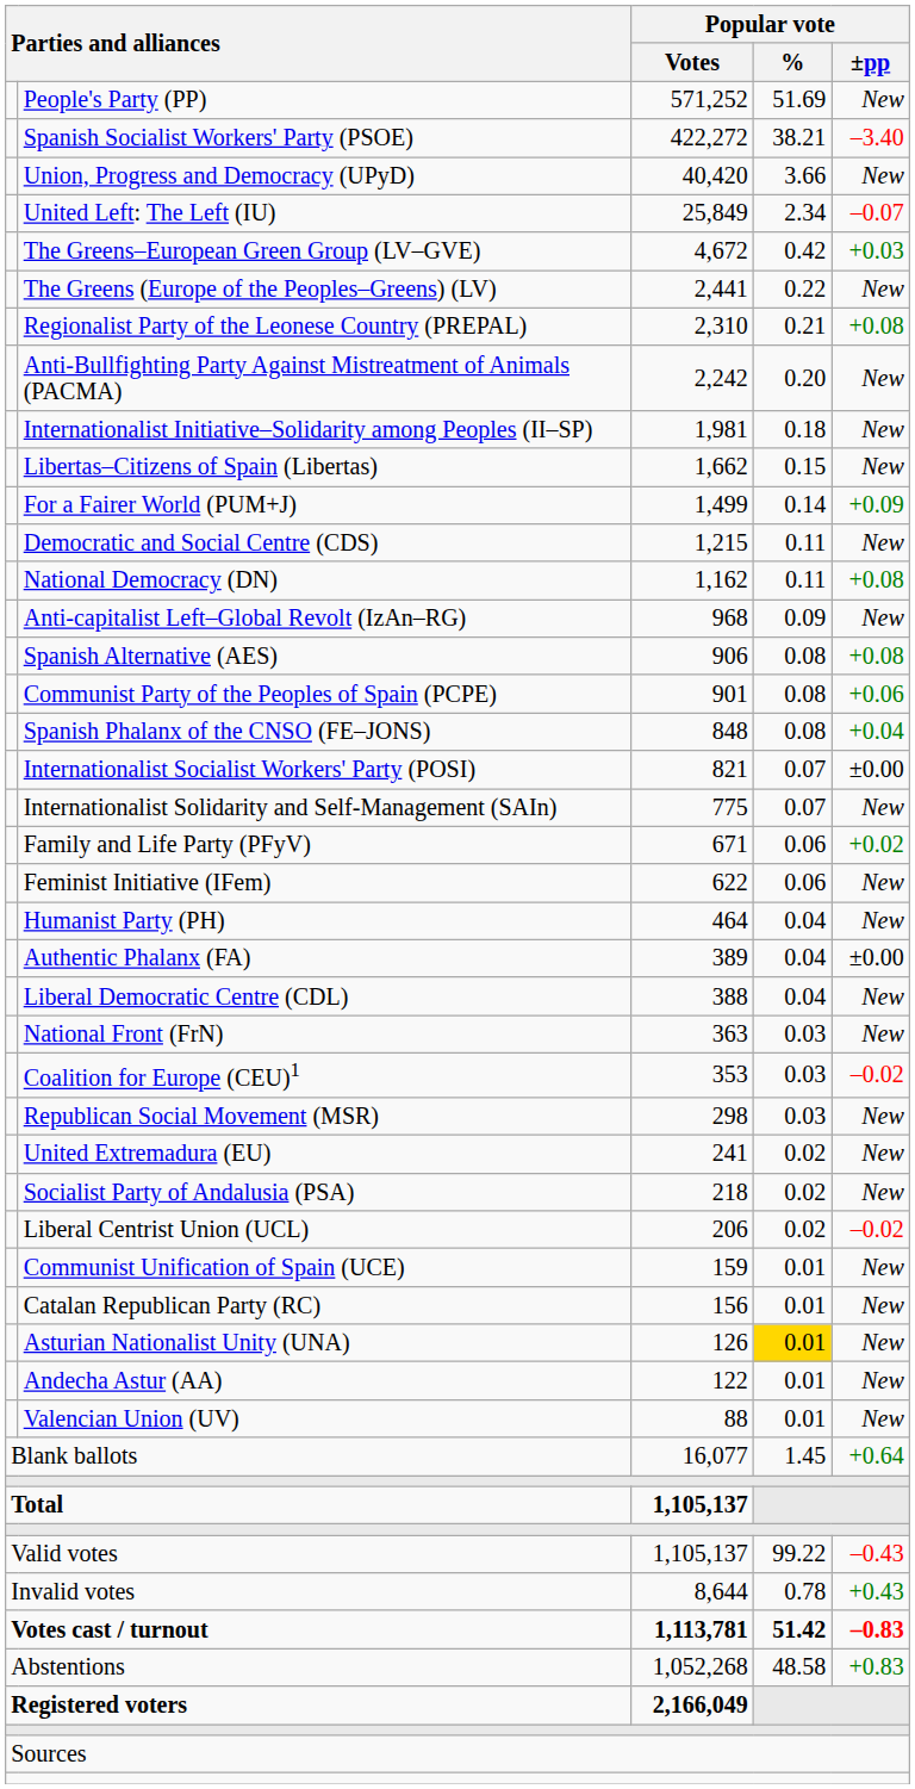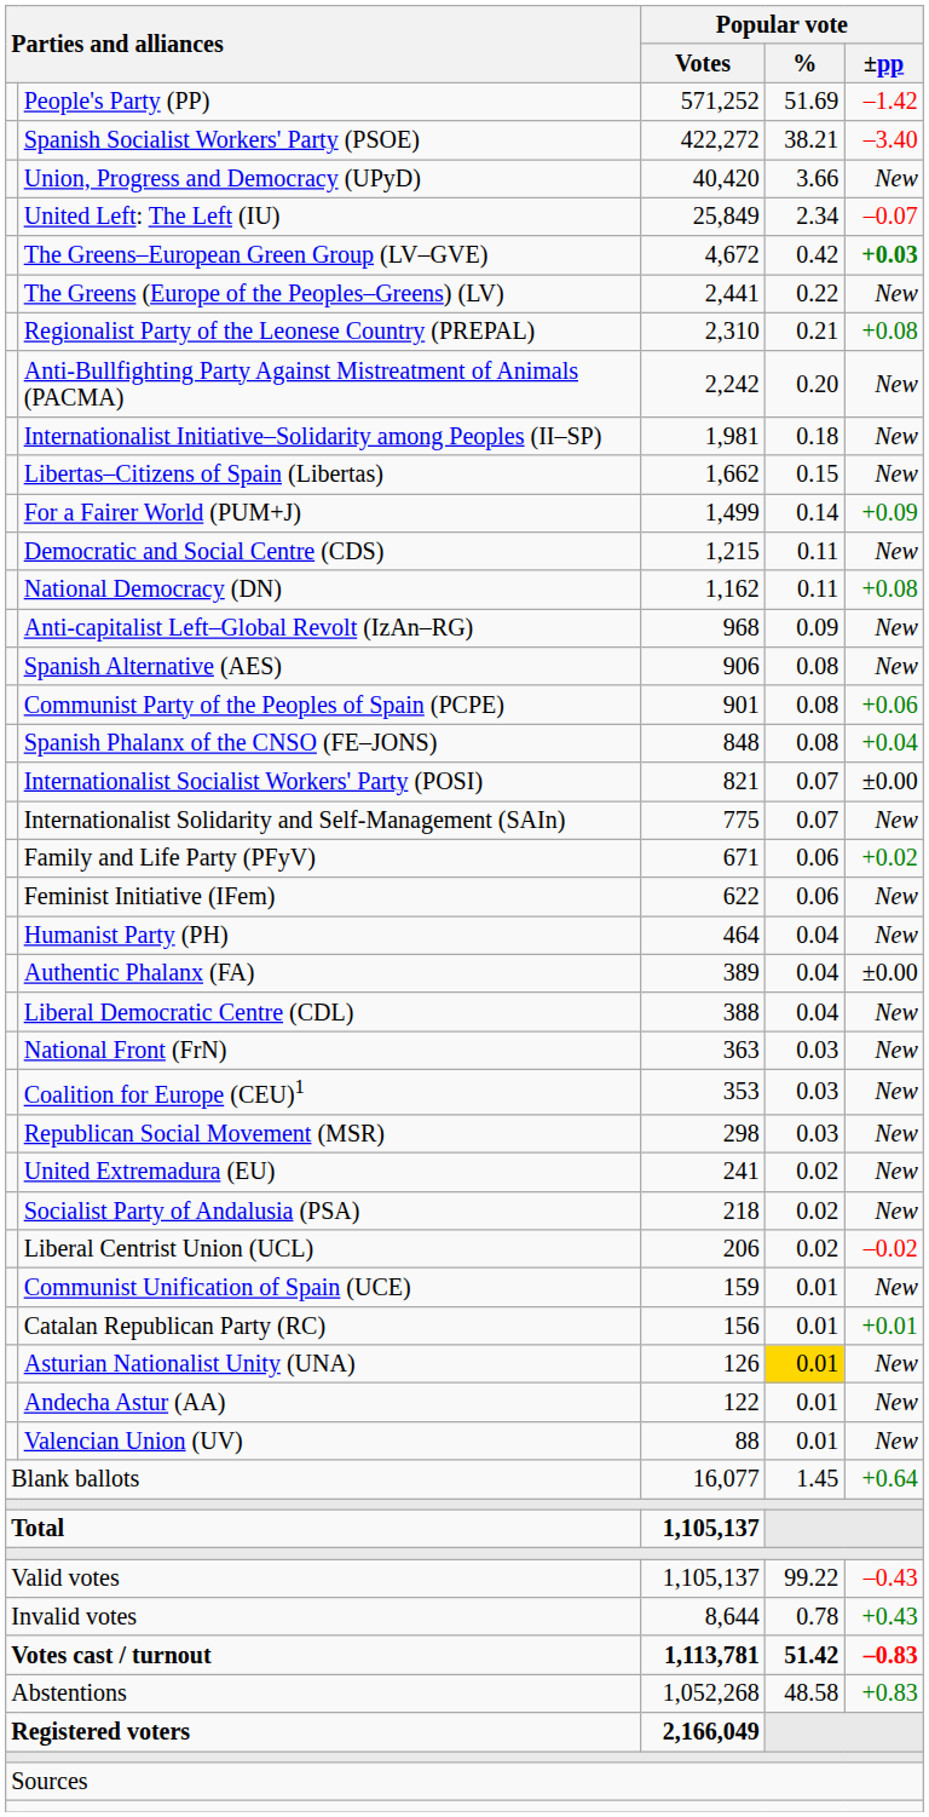 <table class="wikitable" style="text-align:right">
 <tr>
 <th style="text-align:left;" rowspan="2" colspan="2" width="525">Parties and alliances</th>
 <th colspan="3">Popular vote</th>
 </tr>
 <tr>
 <th width="75">Votes</th>
 <th width="45">%</th>
 <th width="45">±<a href='#'>pp</a></th>
 </tr>
 <tr>
 <td width="1" style="color:inherit;background:"></td>
 <td align="left"><a href='#'>People's Party</a> (PP)</td>
 <td>571,252</td>
 <td>51.69</td>
-<td><em>New</em></td>
+<td style="color:red;">–1.42</td>
 </tr>
 <tr>
 <td style="color:inherit;background:"></td>
 <td align="left"><a href='#'>Spanish Socialist Workers' Party</a> (PSOE)</td>
 <td>422,272</td>
 <td>38.21</td>
 <td style="color:red;">–3.40</td>
 </tr>
 <tr>
 <td style="color:inherit;background:"></td>
 <td align="left"><a href='#'>Union, Progress and Democracy</a> (UPyD)</td>
 <td>40,420</td>
 <td>3.66</td>
 <td><em>New</em></td>
 </tr>
 <tr>
 <td style="color:inherit;background:"></td>
 <td align="left"><a href='#'>United Left</a>: <a href='#'>The Left</a> (IU)</td>
 <td>25,849</td>
 <td>2.34</td>
 <td style="color:red;">–0.07</td>
 </tr>
 <tr>
 <td style="color:inherit;background:"></td>
 <td align="left"><a href='#'>The Greens–European Green Group</a> (LV–GVE)</td>
 <td>4,672</td>
 <td>0.42</td>
-<td style="color:green;">+0.03</td>
+<td style="color:green;"><strong>+0.03</strong></td>
 </tr>
 <tr>
 <td style="color:inherit;background:"></td>
 <td align="left"><a href='#'>The Greens</a> (<a href='#'>Europe of the Peoples–Greens</a>) (LV)</td>
 <td>2,441</td>
 <td>0.22</td>
 <td><em>New</em></td>
 </tr>
 <tr>
 <td style="color:inherit;background:"></td>
 <td align="left"><a href='#'>Regionalist Party of the Leonese Country</a> (PREPAL)</td>
 <td>2,310</td>
 <td>0.21</td>
 <td style="color:green;">+0.08</td>
 </tr>
 <tr>
 <td style="color:inherit;background:"></td>
 <td align="left"><a href='#'>Anti-Bullfighting Party Against Mistreatment of Animals</a> (PACMA)</td>
 <td>2,242</td>
 <td>0.20</td>
 <td><em>New</em></td>
 </tr>
 <tr>
 <td style="color:inherit;background:"></td>
 <td align="left"><a href='#'>Internationalist Initiative–Solidarity among Peoples</a> (II–SP)</td>
 <td>1,981</td>
 <td>0.18</td>
 <td><em>New</em></td>
 </tr>
 <tr>
 <td style="color:inherit;background:"></td>
 <td align="left"><a href='#'>Libertas–Citizens of Spain</a> (Libertas)</td>
 <td>1,662</td>
 <td>0.15</td>
 <td><em>New</em></td>
 </tr>
 <tr>
 <td style="color:inherit;background:"></td>
 <td align="left"><a href='#'>For a Fairer World</a> (PUM+J)</td>
 <td>1,499</td>
 <td>0.14</td>
 <td style="color:green;">+0.09</td>
 </tr>
 <tr>
 <td style="color:inherit;background:"></td>
 <td align="left"><a href='#'>Democratic and Social Centre</a> (CDS)</td>
 <td>1,215</td>
 <td>0.11</td>
 <td><em>New</em></td>
 </tr>
 <tr>
 <td style="color:inherit;background:"></td>
 <td align="left"><a href='#'>National Democracy</a> (DN)</td>
 <td>1,162</td>
 <td>0.11</td>
 <td style="color:green;">+0.08</td>
 </tr>
 <tr>
 <td style="color:inherit;background:"></td>
 <td align="left"><a href='#'>Anti-capitalist Left–Global Revolt</a> (IzAn–RG)</td>
 <td>968</td>
 <td>0.09</td>
 <td><em>New</em></td>
 </tr>
 <tr>
 <td style="color:inherit;background:"></td>
 <td align="left"><a href='#'>Spanish Alternative</a> (AES)</td>
 <td>906</td>
 <td>0.08</td>
-<td style="color:green;">+0.08</td>
+<td><em>New</em></td>
 </tr>
 <tr>
 <td style="color:inherit;background:"></td>
 <td align="left"><a href='#'>Communist Party of the Peoples of Spain</a> (PCPE)</td>
 <td>901</td>
 <td>0.08</td>
 <td style="color:green;">+0.06</td>
 </tr>
 <tr>
 <td style="color:inherit;background:"></td>
 <td align="left"><a href='#'>Spanish Phalanx of the CNSO</a> (FE–JONS)</td>
 <td>848</td>
 <td>0.08</td>
 <td style="color:green;">+0.04</td>
 </tr>
 <tr>
 <td style="color:inherit;background:"></td>
 <td align="left"><a href='#'>Internationalist Socialist Workers' Party</a> (POSI)</td>
 <td>821</td>
 <td>0.07</td>
 <td>±0.00</td>
 </tr>
 <tr>
 <td style="color:inherit;background:"></td>
 <td align="left">Internationalist Solidarity and Self-Management (SAIn)</td>
 <td>775</td>
 <td>0.07</td>
 <td><em>New</em></td>
 </tr>
 <tr>
 <td style="color:inherit;background:"></td>
 <td align="left">Family and Life Party (PFyV)</td>
 <td>671</td>
 <td>0.06</td>
 <td style="color:green;">+0.02</td>
 </tr>
 <tr>
 <td style="color:inherit;background:"></td>
 <td align="left">Feminist Initiative (IFem)</td>
 <td>622</td>
 <td>0.06</td>
 <td><em>New</em></td>
 </tr>
 <tr>
 <td style="color:inherit;background:"></td>
 <td align="left"><a href='#'>Humanist Party</a> (PH)</td>
 <td>464</td>
 <td>0.04</td>
 <td><em>New</em></td>
 </tr>
 <tr>
 <td style="color:inherit;background:"></td>
 <td align="left"><a href='#'>Authentic Phalanx</a> (FA)</td>
 <td>389</td>
 <td>0.04</td>
 <td>±0.00</td>
 </tr>
 <tr>
 <td style="color:inherit;background:"></td>
 <td align="left"><a href='#'>Liberal Democratic Centre</a> (CDL)</td>
 <td>388</td>
 <td>0.04</td>
 <td><em>New</em></td>
 </tr>
 <tr>
 <td style="color:inherit;background:"></td>
 <td align="left"><a href='#'>National Front</a> (FrN)</td>
 <td>363</td>
 <td>0.03</td>
 <td><em>New</em></td>
 </tr>
 <tr>
 <td style="color:inherit;background:"></td>
 <td align="left"><a href='#'>Coalition for Europe</a> (CEU)<sup>1</sup></td>
 <td>353</td>
 <td>0.03</td>
-<td style="color:red;">–0.02</td>
+<td><em>New</em></td>
 </tr>
 <tr>
 <td style="color:inherit;background:"></td>
 <td align="left"><a href='#'>Republican Social Movement</a> (MSR)</td>
 <td>298</td>
 <td>0.03</td>
 <td><em>New</em></td>
 </tr>
 <tr>
 <td style="color:inherit;background:"></td>
 <td align="left"><a href='#'>United Extremadura</a> (EU)</td>
 <td>241</td>
 <td>0.02</td>
 <td><em>New</em></td>
 </tr>
 <tr>
 <td style="color:inherit;background:"></td>
 <td align="left"><a href='#'>Socialist Party of Andalusia</a> (PSA)</td>
 <td>218</td>
 <td>0.02</td>
 <td><em>New</em></td>
 </tr>
 <tr>
 <td style="color:inherit;background:"></td>
 <td align="left">Liberal Centrist Union (UCL)</td>
 <td>206</td>
 <td>0.02</td>
 <td style="color:red;">–0.02</td>
 </tr>
 <tr>
 <td style="color:inherit;background:"></td>
 <td align="left"><a href='#'>Communist Unification of Spain</a> (UCE)</td>
 <td>159</td>
 <td>0.01</td>
 <td><em>New</em></td>
 </tr>
 <tr>
 <td style="color:inherit;background:"></td>
 <td align="left">Catalan Republican Party (RC)</td>
 <td>156</td>
 <td>0.01</td>
-<td><em>New</em></td>
+<td style="color:green;">+0.01</td>
 </tr>
 <tr>
 <td style="color:inherit;background:"></td>
 <td align="left"><a href='#'>Asturian Nationalist Unity</a> (UNA)</td>
 <td>126</td>
 <td style="background: gold;">0.01</td>
 <td><em>New</em></td>
 </tr>
 <tr>
 <td style="color:inherit;background:"></td>
 <td align="left"><a href='#'>Andecha Astur</a> (AA)</td>
 <td>122</td>
 <td>0.01</td>
 <td><em>New</em></td>
 </tr>
 <tr>
 <td style="color:inherit;background:"></td>
 <td align="left"><a href='#'>Valencian Union</a> (UV)</td>
 <td>88</td>
 <td>0.01</td>
 <td><em>New</em></td>
 </tr>
 <tr>
 <td align="left" colspan="2">Blank ballots</td>
 <td>16,077</td>
 <td>1.45</td>
 <td style="color:green;">+0.64</td>
 </tr>
 <tr>
 <td colspan="5" bgcolor="#E9E9E9"></td>
 </tr>
 <tr style="font-weight:bold;">
 <td align="left" colspan="2">Total</td>
 <td>1,105,137</td>
 <td bgcolor="#E9E9E9" colspan="2"></td>
 </tr>
 <tr>
 <td colspan="5" bgcolor="#E9E9E9"></td>
 </tr>
 <tr>
 <td align="left" colspan="2">Valid votes</td>
 <td>1,105,137</td>
 <td>99.22</td>
 <td style="color:red;">–0.43</td>
 </tr>
 <tr>
 <td align="left" colspan="2">Invalid votes</td>
 <td>8,644</td>
 <td>0.78</td>
 <td style="color:green;">+0.43</td>
 </tr>
 <tr style="font-weight:bold;">
 <td align="left" colspan="2">Votes cast / turnout</td>
 <td>1,113,781</td>
 <td>51.42</td>
 <td style="color:red;">–0.83</td>
 </tr>
 <tr>
 <td align="left" colspan="2">Abstentions</td>
 <td>1,052,268</td>
 <td>48.58</td>
 <td style="color:green;">+0.83</td>
 </tr>
 <tr style="font-weight:bold;">
 <td align="left" colspan="2">Registered voters</td>
 <td>2,166,049</td>
 <td bgcolor="#E9E9E9" colspan="2"></td>
 </tr>
 <tr>
 <td colspan="5" bgcolor="#E9E9E9"></td>
 </tr>
 <tr>
 <td align="left" colspan="5">Sources</td>
 </tr>
 <tr>
 <td colspan="5" style="text-align:left; max-width:680px;"></td>
 </tr>
 </table>
